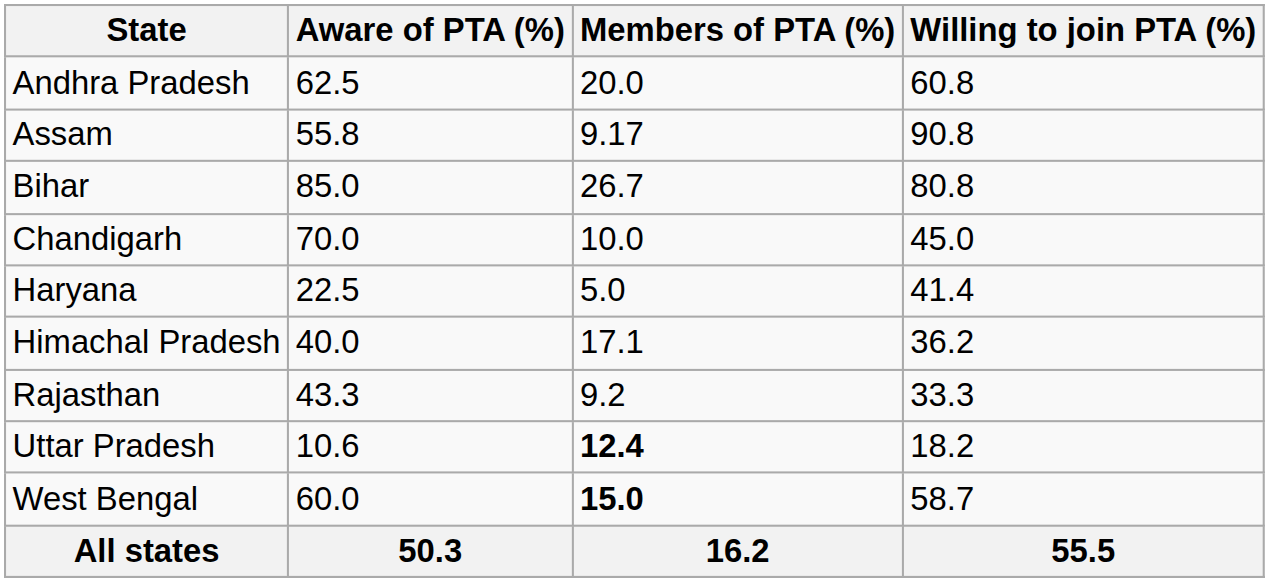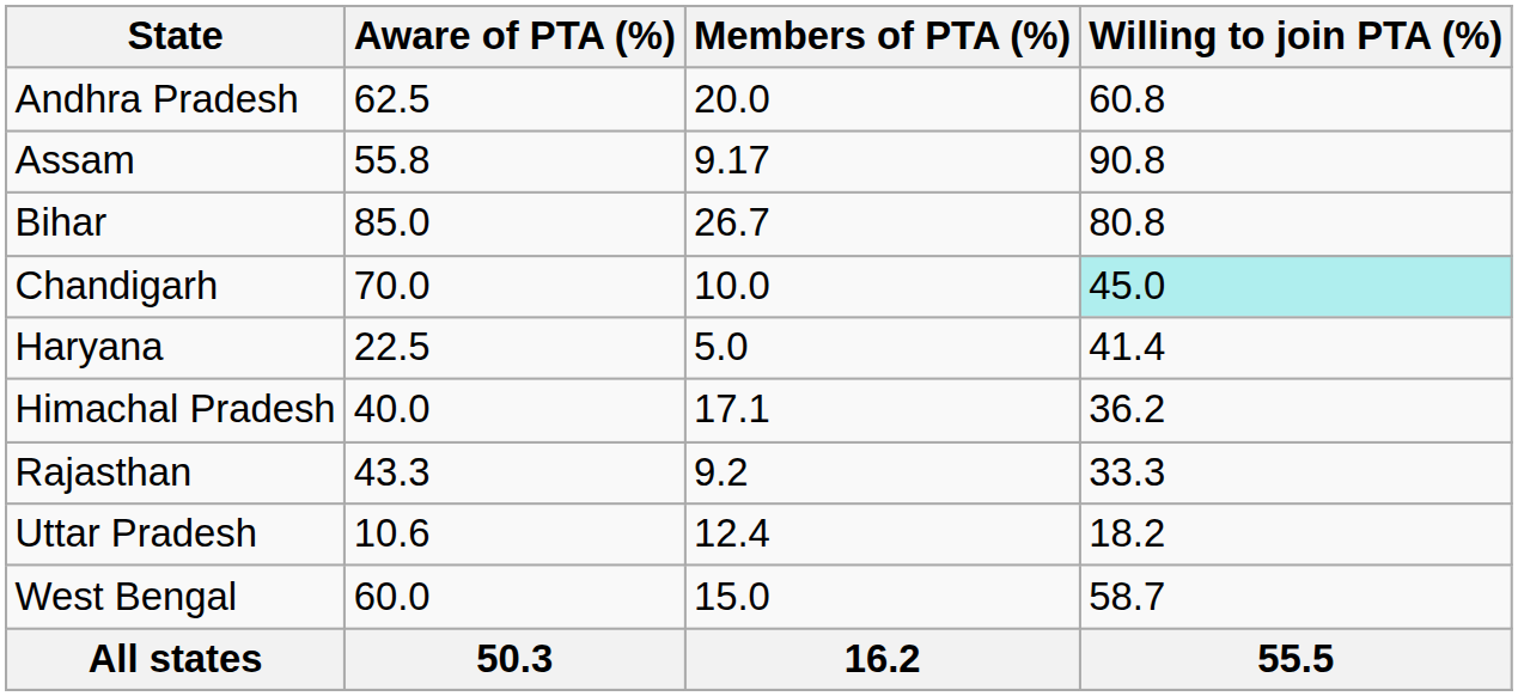 <table class="wikitable">
 <tr>
 <th>State</th>
 <th>Aware of PTA (%)</th>
 <th>Members of PTA (%)</th>
 <th>Willing to join PTA (%)</th>
 </tr>
 <tr>
 <td>Andhra Pradesh</td>
 <td>62.5</td>
 <td>20.0</td>
 <td>60.8</td>
 </tr>
 <tr>
 <td>Assam</td>
 <td>55.8</td>
 <td>9.17</td>
 <td>90.8</td>
 </tr>
 <tr>
 <td>Bihar</td>
 <td>85.0</td>
 <td>26.7</td>
 <td>80.8</td>
 </tr>
 <tr>
 <td>Chandigarh</td>
 <td>70.0</td>
 <td>10.0</td>
-<td>45.0</td>
+<td style="background: paleturquoise;">45.0</td>
 </tr>
 <tr>
 <td>Haryana</td>
 <td>22.5</td>
 <td>5.0</td>
 <td>41.4</td>
 </tr>
 <tr>
 <td>Himachal Pradesh</td>
 <td>40.0</td>
 <td>17.1</td>
 <td>36.2</td>
 </tr>
 <tr>
 <td>Rajasthan</td>
 <td>43.3</td>
 <td>9.2</td>
 <td>33.3</td>
 </tr>
 <tr>
 <td>Uttar Pradesh</td>
 <td>10.6</td>
-<td><strong>12.4</strong></td>
+<td>12.4</td>
 <td>18.2</td>
 </tr>
 <tr>
 <td>West Bengal</td>
 <td>60.0</td>
-<td><strong>15.0</strong></td>
+<td>15.0</td>
 <td>58.7</td>
 </tr>
 <tr>
 <th>All states</th>
 <th>50.3</th>
 <th>16.2</th>
 <th>55.5</th>
 </tr>
 <tr>
 </tr>
 </table>
